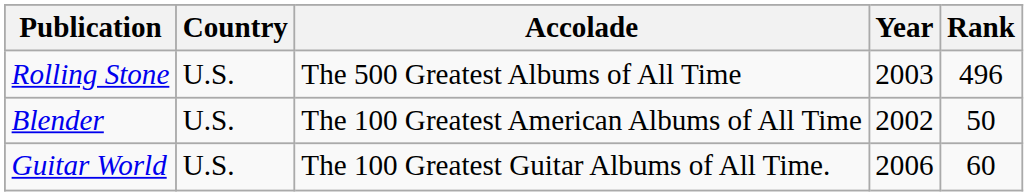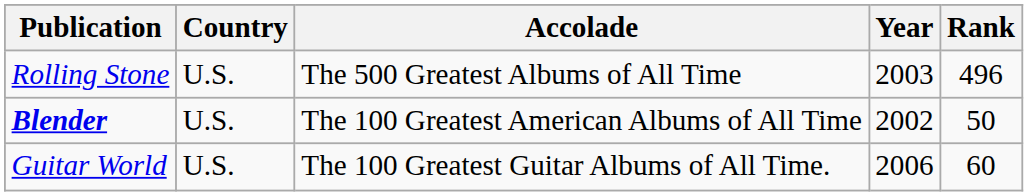 <table class="wikitable">
 <tr>
 <th>Publication</th>
 <th>Country</th>
 <th>Accolade</th>
 <th>Year</th>
 <th>Rank</th>
 </tr>
 <tr>
 <td><em><a href='#'>Rolling Stone</a></em></td>
 <td>U.S.</td>
 <td>The 500 Greatest Albums of All Time</td>
 <td>2003</td>
 <td style = "text-align:center;">496</td>
 </tr>
 <tr>
-<td><em><a href='#'>Blender</a></em></td>
+<td><strong><em><a href='#'>Blender</a></em></strong></td>
 <td>U.S.</td>
 <td>The 100 Greatest American Albums of All Time</td>
 <td>2002</td>
 <td style = "text-align:center;">50</td>
 </tr>
 <tr>
 <td><em><a href='#'>Guitar World</a></em></td>
 <td>U.S.</td>
 <td>The 100 Greatest Guitar Albums of All Time.</td>
 <td>2006</td>
 <td style = "text-align:center;">60</td>
 </tr>
 </table>
